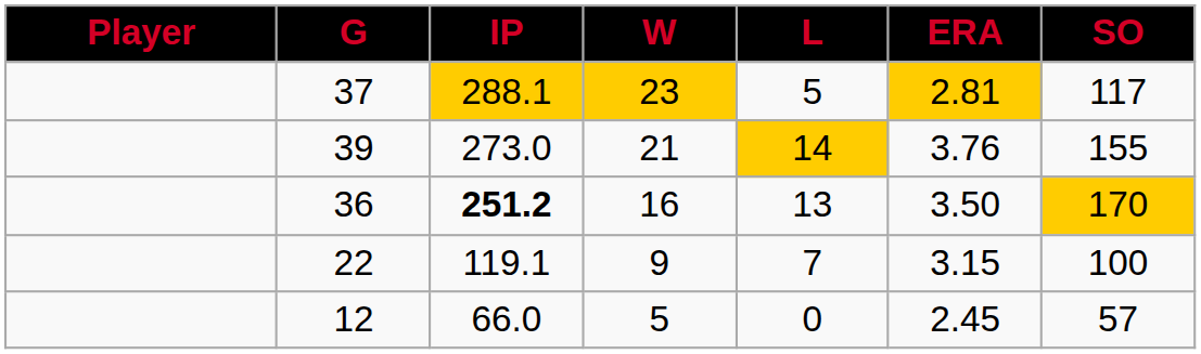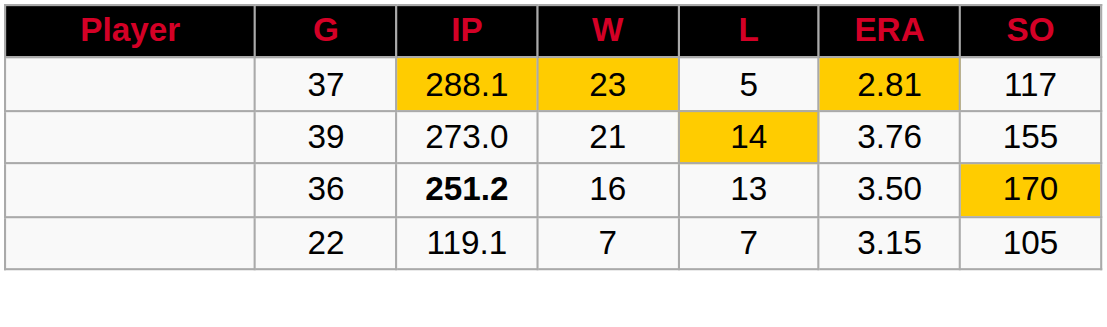 <table class="wikitable sortable">
 <tr>
 <th style="background:black;color:#d40026;" width="16%">Player</th>
 <th style="background:black;color:#d40026;" width="9%">G</th>
 <th style="background:black;color:#d40026;" width="9%">IP</th>
 <th style="background:black;color:#d40026;" width="9%">W</th>
 <th style="background:black;color:#d40026;" width="9%">L</th>
 <th style="background:black;color:#d40026;" width="9%">ERA</th>
 <th style="background:black;color:#d40026;" width="9%">SO</th>
 </tr>
 <tr align="center">
 <td></td>
 <td>37</td>
 <td style="background:#fc0;">288.1</td>
 <td style="background:#fc0;">23</td>
 <td>5</td>
 <td style="background:#fc0;">2.81</td>
 <td>117</td>
 </tr>
 <tr align="center">
 <td></td>
 <td>39</td>
 <td>273.0</td>
 <td>21</td>
 <td style="background:#fc0;">14</td>
 <td>3.76</td>
 <td>155</td>
 </tr>
 <tr align="center">
 <td></td>
 <td>36</td>
 <td><strong>251.2</strong></td>
 <td>16</td>
 <td>13</td>
 <td>3.50</td>
 <td style="background:#fc0;">170</td>
 </tr>
 <tr align="center">
 <td></td>
 <td>22</td>
 <td>119.1</td>
-<td>9</td>
+<td>7</td>
 <td>7</td>
 <td>3.15</td>
-<td>100</td>
-</tr>
-<tr align="center">
-<td></td>
-<td>12</td>
-<td>66.0</td>
-<td>5</td>
-<td>0</td>
-<td>2.45</td>
-<td>57</td>
+<td>105</td>
 </tr>
 </table>
